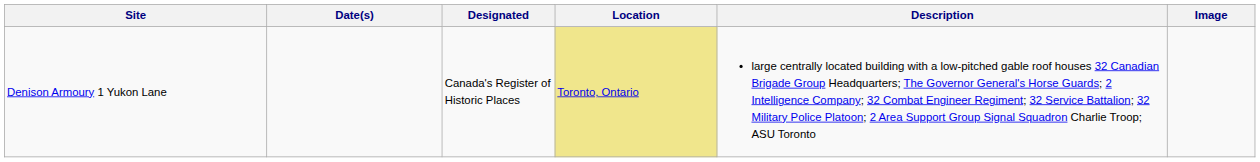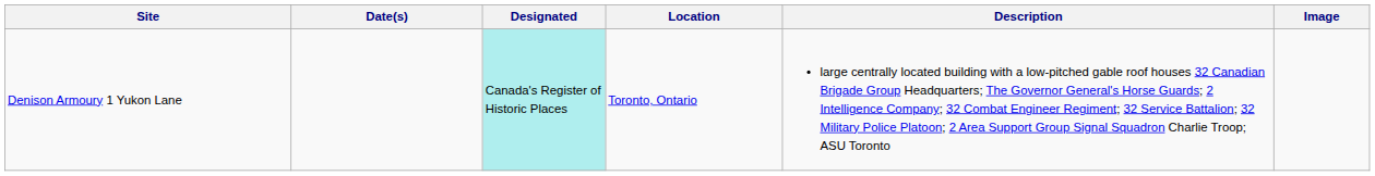 <table class="wikitable sortable" style="font-size:90%;width:100%;border:0px;text-align:left;line-height:150%;">
 <tr>
 <th style="background: #f2f2f2; color: #000080" width="21%">Site</th>
 <th style="background: #f2f2f2; color: #000080" width="14%">Date(s)</th>
 <th style="background: #f2f2f2; color: #000080" width="9%">Designated</th>
 <th style="background: #f2f2f2; color: #000080" width="13%">Location</th>
 <th style="background: #f2f2f2; color: #000080" width="36%" class="unsortable">Description</th>
 <th style="background: #f2f2f2; color: #000080" width="7%" class="unsortable">Image</th>
 </tr>
 <tr>
 <td><a href='#'>Denison Armoury</a> 1 Yukon Lane</td>
 <td></td>
-<td>Canada's Register of Historic Places</td>
-<td style="background: khaki;"><a href='#'>Toronto, Ontario</a></td>
+<td style="background: paleturquoise;">Canada's Register of Historic Places</td>
+<td><a href='#'>Toronto, Ontario</a></td>
 <td><br><ul><li>large centrally located building with a low-pitched gable roof houses <a href='#'>32 Canadian Brigade Group</a> Headquarters; <a href='#'>The Governor General's Horse Guards</a>; <a href='#'>2 Intelligence Company</a>; <a href='#'>32 Combat Engineer Regiment</a>; <a href='#'>32 Service Battalion</a>; <a href='#'>32 Military Police Platoon</a>; <a href='#'>2 Area Support Group Signal Squadron</a> Charlie Troop; ASU Toronto</li></ul></td>
 <td></td>
 </tr>
 <tr>
 </tr>
 </table>
